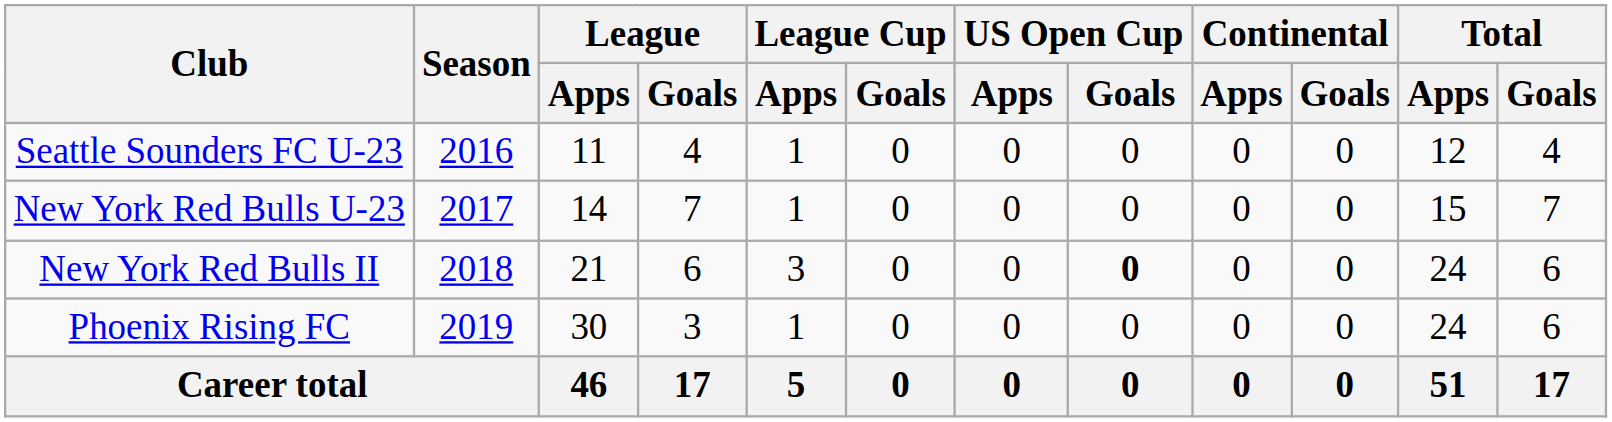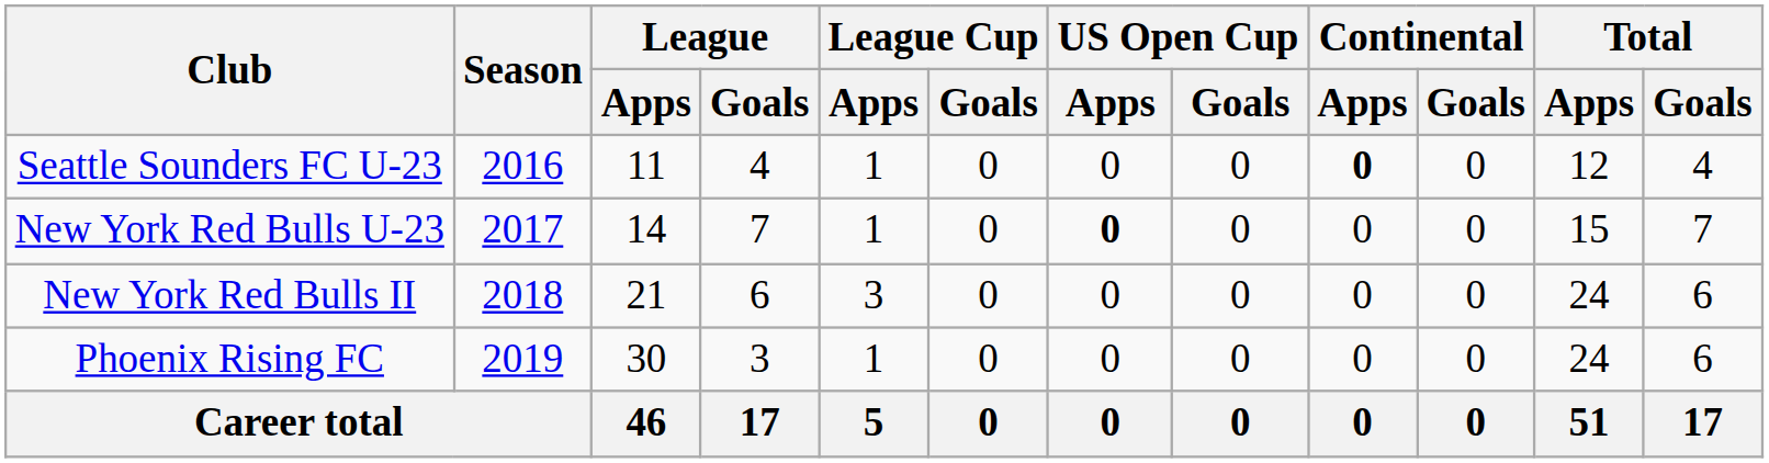 <table class="wikitable" style="text-align: center;">
 <tr>
 <th rowspan="2">Club</th>
 <th rowspan="2">Season</th>
 <th colspan="2">League</th>
 <th colspan="2">League Cup</th>
 <th colspan="2">US Open Cup</th>
 <th colspan="2">Continental</th>
 <th colspan="2">Total</th>
 </tr>
 <tr>
 <th>Apps</th>
 <th>Goals</th>
 <th>Apps</th>
 <th>Goals</th>
 <th>Apps</th>
 <th>Goals</th>
 <th>Apps</th>
 <th>Goals</th>
 <th>Apps</th>
 <th>Goals</th>
 </tr>
 <tr>
 <td rowspan="1"><a href='#'>Seattle Sounders FC U-23</a></td>
 <td><a href='#'>2016</a></td>
 <td>11</td>
 <td>4</td>
 <td>1</td>
 <td>0</td>
 <td>0</td>
 <td>0</td>
-<td>0</td>
+<td><strong>0</strong></td>
 <td>0</td>
 <td>12</td>
 <td>4</td>
 </tr>
 <tr>
 <td rowspan="1"><a href='#'>New York Red Bulls U-23</a></td>
 <td><a href='#'>2017</a></td>
 <td>14</td>
 <td>7</td>
 <td>1</td>
 <td>0</td>
-<td>0</td>
+<td><strong>0</strong></td>
 <td>0</td>
 <td>0</td>
 <td>0</td>
 <td>15</td>
 <td>7</td>
 </tr>
 <tr>
 <td rowspan="1"><a href='#'>New York Red Bulls II</a></td>
 <td><a href='#'>2018</a></td>
 <td>21</td>
 <td>6</td>
 <td>3</td>
 <td>0</td>
 <td>0</td>
-<td><strong>0</strong></td>
+<td>0</td>
 <td>0</td>
 <td>0</td>
 <td>24</td>
 <td>6</td>
 </tr>
 <tr>
 <td rowspan="1"><a href='#'>Phoenix Rising FC</a></td>
 <td><a href='#'>2019</a></td>
 <td>30</td>
 <td>3</td>
 <td>1</td>
 <td>0</td>
 <td>0</td>
 <td>0</td>
 <td>0</td>
 <td>0</td>
 <td>24</td>
 <td>6</td>
 </tr>
 <tr>
 <th colspan="2">Career total</th>
 <th>46</th>
 <th>17</th>
 <th>5</th>
 <th>0</th>
 <th>0</th>
 <th>0</th>
 <th>0</th>
 <th>0</th>
 <th>51</th>
 <th>17</th>
 </tr>
 </table>
